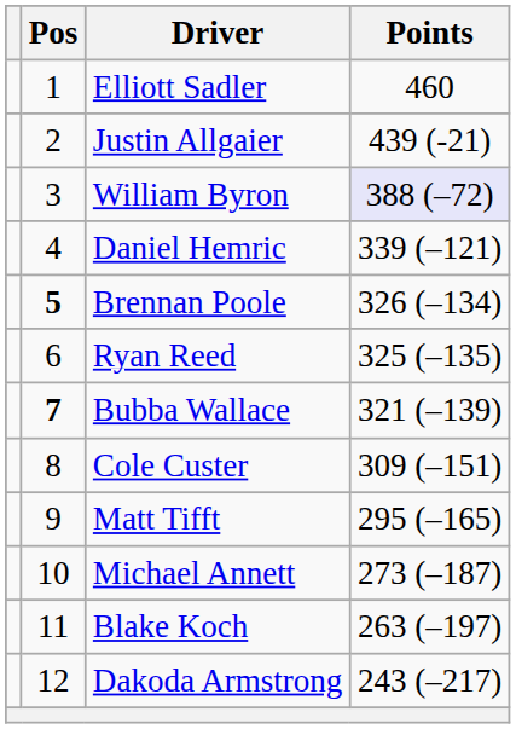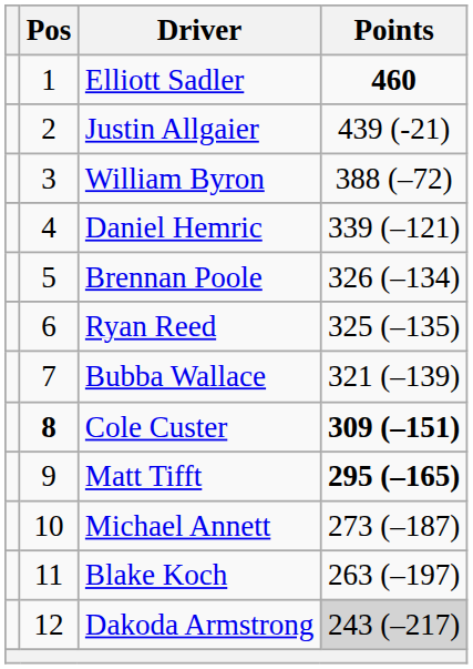 <table class="wikitable" style="font-size: 95%;">
 <tr>
 <th></th>
 <th>Pos</th>
 <th>Driver</th>
 <th>Points</th>
 </tr>
 <tr>
 <td align="left"></td>
 <td style="text-align:center;">1</td>
 <td><a href='#'>Elliott Sadler</a></td>
-<td style="text-align:center;">460</td>
+<td style="text-align:center;"><strong>460</strong></td>
 </tr>
 <tr>
 <td align="left"></td>
 <td style="text-align:center;">2</td>
 <td><a href='#'>Justin Allgaier</a></td>
 <td style="text-align:center;">439 (-21)</td>
 </tr>
 <tr>
 <td align="left"></td>
 <td style="text-align:center;">3</td>
 <td><a href='#'>William Byron</a></td>
-<td style="background: lavender; text-align:center;">388 (–72)</td>
+<td style="text-align:center;">388 (–72)</td>
 </tr>
 <tr>
 <td align="left"></td>
 <td style="text-align:center;">4</td>
 <td><a href='#'>Daniel Hemric</a></td>
 <td style="text-align:center;">339 (–121)</td>
 </tr>
 <tr>
 <td align="left"></td>
-<td style="text-align:center;"><strong>5</strong></td>
+<td style="text-align:center;">5</td>
 <td><a href='#'>Brennan Poole</a></td>
 <td style="text-align:center;">326 (–134)</td>
 </tr>
 <tr>
 <td align="left"></td>
 <td style="text-align:center;">6</td>
 <td><a href='#'>Ryan Reed</a></td>
 <td style="text-align:center;">325 (–135)</td>
 </tr>
 <tr>
 <td align="left"></td>
-<td style="text-align:center;"><strong>7</strong></td>
+<td style="text-align:center;">7</td>
 <td><a href='#'>Bubba Wallace</a></td>
 <td style="text-align:center;">321 (–139)</td>
 </tr>
 <tr>
 <td align="left"></td>
-<td style="text-align:center;">8</td>
+<td style="text-align:center;"><strong>8</strong></td>
 <td><a href='#'>Cole Custer</a></td>
-<td style="text-align:center;">309 (–151)</td>
+<td style="text-align:center;"><strong>309 (–151)</strong></td>
 </tr>
 <tr>
 <td align="left"></td>
 <td style="text-align:center;">9</td>
 <td><a href='#'>Matt Tifft</a></td>
-<td style="text-align:center;">295 (–165)</td>
+<td style="text-align:center;"><strong>295 (–165)</strong></td>
 </tr>
 <tr>
 <td align="left"></td>
 <td style="text-align:center;">10</td>
 <td><a href='#'>Michael Annett</a></td>
 <td style="text-align:center;">273 (–187)</td>
 </tr>
 <tr>
 <td align="left"></td>
 <td style="text-align:center;">11</td>
 <td><a href='#'>Blake Koch</a></td>
 <td style="text-align:center;">263 (–197)</td>
 </tr>
 <tr>
 <td align="left"></td>
 <td style="text-align:center;">12</td>
 <td><a href='#'>Dakoda Armstrong</a></td>
-<td style="text-align:center;">243 (–217)</td>
+<td style="background: lightgrey; text-align:center;">243 (–217)</td>
 </tr>
 <tr class="sortbottom">
 <th colspan="9"></th>
 </tr>
 </table>
